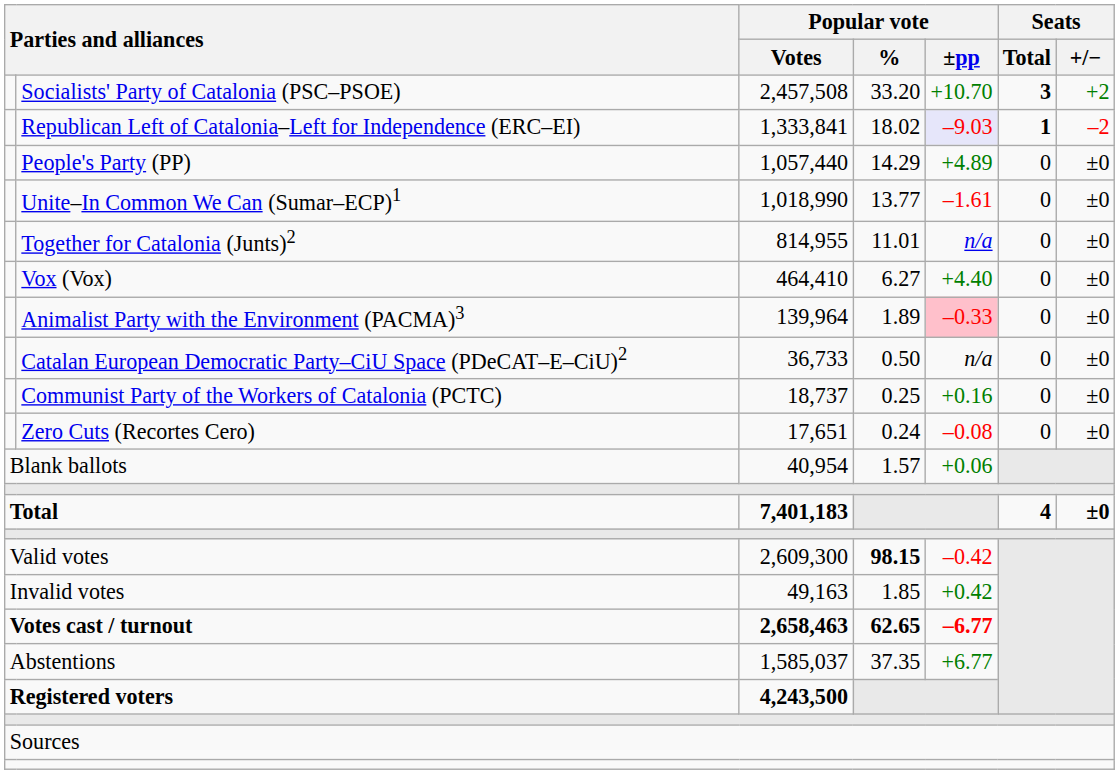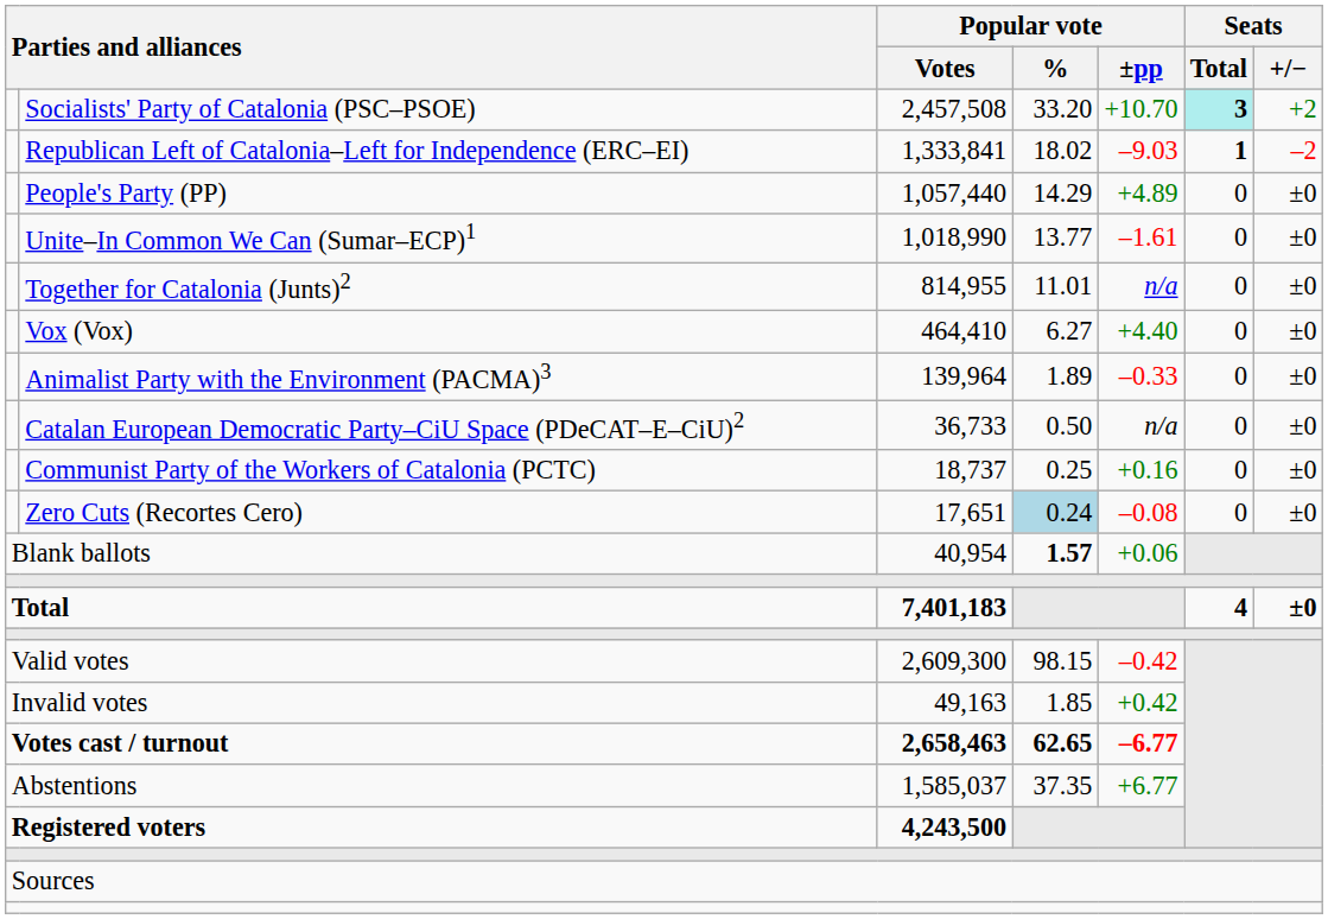 <table class="wikitable" style="text-align:right;">
 <tr>
 <th style="text-align:left;" rowspan="2" colspan="2" width="525">Parties and alliances</th>
 <th colspan="3">Popular vote</th>
 <th colspan="2">Seats</th>
 </tr>
 <tr>
 <th width="75">Votes</th>
 <th width="45">%</th>
 <th width="45">±<a href='#'>pp</a></th>
 <th width="35">Total</th>
 <th width="35">+/−</th>
 </tr>
 <tr>
 <td width="1" style="color:inherit;background:"></td>
 <td align="left"><a href='#'>Socialists' Party of Catalonia</a> (PSC–PSOE)</td>
 <td>2,457,508</td>
 <td>33.20</td>
 <td style="color:green;">+10.70</td>
-<td><strong>3</strong></td>
+<td style="background: paleturquoise;"><strong>3</strong></td>
 <td style="color:green;">+2</td>
 </tr>
 <tr>
 <td style="color:inherit;background:"></td>
 <td align="left"><a href='#'>Republican Left of Catalonia</a>–<a href='#'>Left for Independence</a> (ERC–EI)</td>
 <td>1,333,841</td>
 <td>18.02</td>
-<td style="background: lavender; color:red;">–9.03</td>
+<td style="color:red;">–9.03</td>
 <td><strong>1</strong></td>
 <td style="color:red;">–2</td>
 </tr>
 <tr>
 <td style="color:inherit;background:"></td>
 <td align="left"><a href='#'>People's Party</a> (PP)</td>
 <td>1,057,440</td>
 <td>14.29</td>
 <td style="color:green;">+4.89</td>
 <td>0</td>
 <td>±0</td>
 </tr>
 <tr>
 <td style="color:inherit;background:"></td>
 <td align="left"><a href='#'>Unite</a>–<a href='#'>In Common We Can</a> (Sumar–ECP)<sup>1</sup></td>
 <td>1,018,990</td>
 <td>13.77</td>
 <td style="color:red;">–1.61</td>
 <td>0</td>
 <td>±0</td>
 </tr>
 <tr>
 <td style="color:inherit;background:"></td>
 <td align="left"><a href='#'>Together for Catalonia</a> (Junts)<sup>2</sup></td>
 <td>814,955</td>
 <td>11.01</td>
 <td><em><a href='#'>n/a</a></em></td>
 <td>0</td>
 <td>±0</td>
 </tr>
 <tr>
 <td style="color:inherit;background:"></td>
 <td align="left"><a href='#'>Vox</a> (Vox)</td>
 <td>464,410</td>
 <td>6.27</td>
 <td style="color:green;">+4.40</td>
 <td>0</td>
 <td>±0</td>
 </tr>
 <tr>
 <td style="color:inherit;background:"></td>
 <td align="left"><a href='#'>Animalist Party with the Environment</a> (PACMA)<sup>3</sup></td>
 <td>139,964</td>
 <td>1.89</td>
-<td style="background: pink; color:red;">–0.33</td>
+<td style="color:red;">–0.33</td>
 <td>0</td>
 <td>±0</td>
 </tr>
 <tr>
 <td style="color:inherit;background:"></td>
 <td align="left"><a href='#'>Catalan European Democratic Party–CiU Space</a> (PDeCAT–E–CiU)<sup>2</sup></td>
 <td>36,733</td>
 <td>0.50</td>
 <td><em>n/a</em></td>
 <td>0</td>
 <td>±0</td>
 </tr>
 <tr>
 <td style="color:inherit;background:"></td>
 <td align="left"><a href='#'>Communist Party of the Workers of Catalonia</a> (PCTC)</td>
 <td>18,737</td>
 <td>0.25</td>
 <td style="color:green;">+0.16</td>
 <td>0</td>
 <td>±0</td>
 </tr>
 <tr>
 <td style="color:inherit;background:"></td>
 <td align="left"><a href='#'>Zero Cuts</a> (Recortes Cero)</td>
 <td>17,651</td>
-<td>0.24</td>
+<td style="background: lightblue;">0.24</td>
 <td style="color:red;">–0.08</td>
 <td>0</td>
 <td>±0</td>
 </tr>
 <tr>
 <td align="left" colspan="2">Blank ballots</td>
 <td>40,954</td>
-<td>1.57</td>
+<td><strong>1.57</strong></td>
 <td style="color:green;">+0.06</td>
 <td bgcolor="#E9E9E9" colspan="2"></td>
 </tr>
 <tr>
 <td colspan="7" bgcolor="#E9E9E9"></td>
 </tr>
 <tr style="font-weight:bold;">
 <td align="left" colspan="2">Total</td>
 <td>7,401,183</td>
 <td bgcolor="#E9E9E9" colspan="2"></td>
 <td>4</td>
 <td>±0</td>
 </tr>
 <tr>
 <td colspan="7" bgcolor="#E9E9E9"></td>
 </tr>
 <tr>
 <td align="left" colspan="2">Valid votes</td>
 <td>2,609,300</td>
-<td><strong>98.15</strong></td>
+<td>98.15</td>
 <td style="color:red;">–0.42</td>
 <td bgcolor="#E9E9E9" colspan="2" rowspan="5"></td>
 </tr>
 <tr>
 <td align="left" colspan="2">Invalid votes</td>
 <td>49,163</td>
 <td>1.85</td>
 <td style="color:green;">+0.42</td>
 </tr>
 <tr style="font-weight:bold;">
 <td align="left" colspan="2">Votes cast / turnout</td>
 <td>2,658,463</td>
 <td>62.65</td>
 <td style="color:red;">–6.77</td>
 </tr>
 <tr>
 <td align="left" colspan="2">Abstentions</td>
 <td>1,585,037</td>
 <td>37.35</td>
 <td style="color:green;">+6.77</td>
 </tr>
 <tr style="font-weight:bold;">
 <td align="left" colspan="2">Registered voters</td>
 <td>4,243,500</td>
 <td bgcolor="#E9E9E9" colspan="2"></td>
 </tr>
 <tr>
 <td colspan="7" bgcolor="#E9E9E9"></td>
 </tr>
 <tr>
 <td align="left" colspan="7">Sources</td>
 </tr>
 <tr>
 <td colspan="7" style="text-align:left; max-width:790px;"></td>
 </tr>
 </table>
